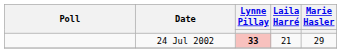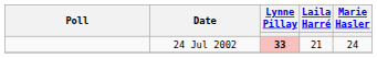 <table class="wikitable sortable" style="width:450px;font-size:90%;line-height:14px;text-align:center;">
 <tr>
 <th style="width:270px;" rowspan="2">Poll</th>
 <th style="width:200px;" rowspan="2">Date</th>
 <th><a href='#'>Lynne Pillay</a></th>
 <th><a href='#'>Laila Harré</a></th>
 <th><a href='#'>Marie Hasler</a></th>
 </tr>
 <tr>
 <th class="unsortable" style="color:inherit;background:"></th>
 <th class="unsortable" style="color:inherit;background:"></th>
 <th class="unsortable" style="color:inherit;background:"></th>
 </tr>
 <tr>
 <td></td>
 <td data-sort-value="2002-07-24">24 Jul 2002</td>
 <td style="background:#F8C1BE"><strong>33</strong></td>
 <td>21</td>
-<td>29</td>
+<td>24</td>
 </tr>
 <tr>
 </tr>
 </table>
